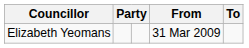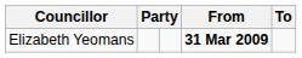 <table class=wikitable>
 <tr>
 <th>Councillor</th>
 <th colspan=2>Party</th>
 <th>From</th>
 <th>To</th>
 </tr>
 <tr>
 <td>Elizabeth Yeomans</td>
 <td></td>
 <td align=right></td>
-<td align=right>31 Mar 2009</td>
+<td align=right><strong>31 Mar 2009</strong></td>
 </tr>
 </table>
